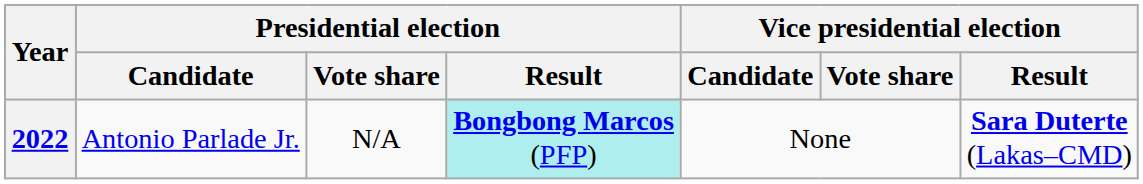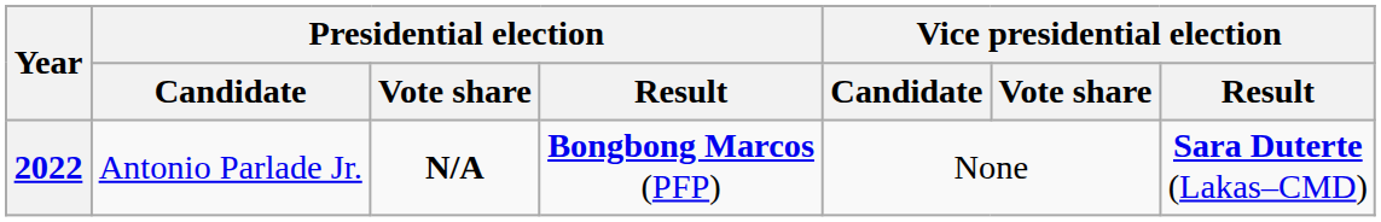 <table class="wikitable" style="text-align:center; font-size:90%">
 <tr>
 <th rowspan=2>Year</th>
 <th colspan=3>Presidential election</th>
 <th colspan=3>Vice presidential election</th>
 </tr>
 <tr>
 <th>Candidate</th>
 <th>Vote share</th>
 <th>Result</th>
 <th>Candidate</th>
 <th>Vote share</th>
 <th>Result</th>
 </tr>
 <tr>
 <th><a href='#'>2022</a></th>
 <td><a href='#'>Antonio Parlade Jr.</a></td>
-<td>N/A</td>
-<td style="background: paleturquoise;"><strong><a href='#'>Bongbong Marcos</a></strong><br>(<a href='#'>PFP</a>)</td>
+<td><strong>N/A</strong></td>
+<td><strong><a href='#'>Bongbong Marcos</a></strong><br>(<a href='#'>PFP</a>)</td>
 <td colspan=2>None</td>
 <td><strong><a href='#'>Sara Duterte</a></strong><br>(<a href='#'>Lakas–CMD</a>)</td>
 </tr>
 </table>
